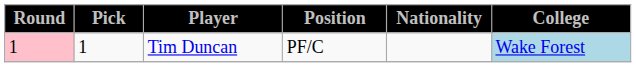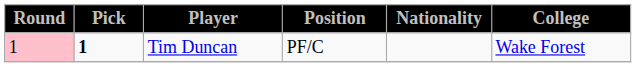 <table class="wikitable sortable sortable">
 <tr>
 <th style="background:#000000; color:#c0c0c0" width="10%">Round</th>
 <th style="background:#000000; color:#c0c0c0" width="10%">Pick</th>
 <th style="background:#000000; color:#c0c0c0" width="20%">Player</th>
 <th style="background:#000000; color:#c0c0c0" width="15%">Position</th>
 <th style="background:#000000; color:#c0c0c0" width="15%">Nationality</th>
 <th style="background:#000000; color:#c0c0c0" width="20%">College</th>
 </tr>
 <tr>
 <td style="background: pink;">1</td>
-<td>1</td>
+<td><strong>1</strong></td>
 <td><a href='#'>Tim Duncan</a></td>
 <td>PF/C</td>
 <td></td>
-<td style="background: lightblue;"><a href='#'>Wake Forest</a></td>
+<td><a href='#'>Wake Forest</a></td>
 </tr>
 <tr>
 </tr>
 </table>
